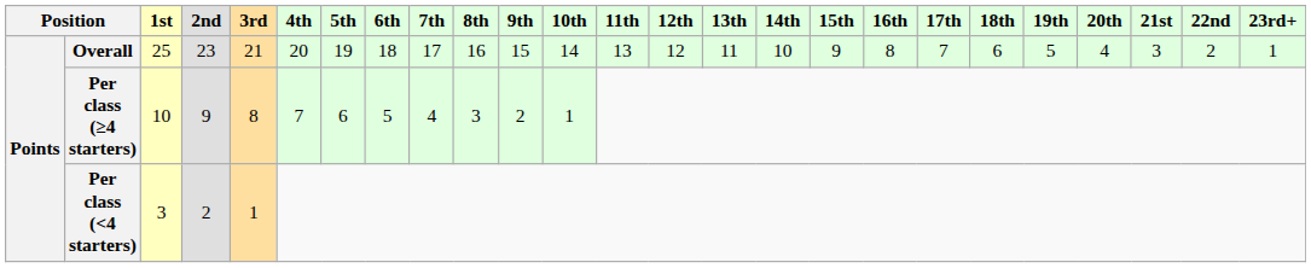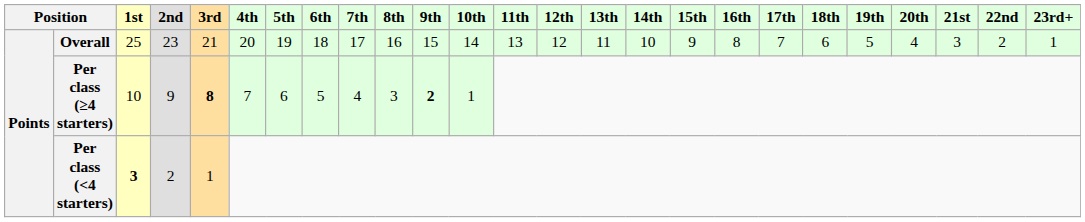 <table class="wikitable" style="font-size: 85%;">
 <tr>
 <th colspan=2>Position</th>
 <td style="background:#ffffbf;"> <strong>1st</strong> </td>
 <td style="background:#dfdfdf;"> <strong>2nd</strong> </td>
 <td style="background:#ffdf9f;"> <strong>3rd</strong> </td>
 <td style="background:#dfffdf;"> <strong>4th</strong> </td>
 <td style="background:#dfffdf;"> <strong>5th</strong> </td>
 <td style="background:#dfffdf;"> <strong>6th</strong> </td>
 <td style="background:#dfffdf;"> <strong>7th</strong> </td>
 <td style="background:#dfffdf;"> <strong>8th</strong> </td>
 <td style="background:#dfffdf;"> <strong>9th</strong> </td>
 <td style="background:#dfffdf;"> <strong>10th</strong> </td>
 <td style="background:#dfffdf;"> <strong>11th</strong> </td>
 <td style="background:#dfffdf;"> <strong>12th</strong> </td>
 <td style="background:#dfffdf;"> <strong>13th</strong> </td>
 <td style="background:#dfffdf;"> <strong>14th</strong> </td>
 <td style="background:#dfffdf;"> <strong>15th</strong> </td>
 <td style="background:#dfffdf;"> <strong>16th</strong> </td>
 <td style="background:#dfffdf;"> <strong>17th</strong> </td>
 <td style="background:#dfffdf;"> <strong>18th</strong> </td>
 <td style="background:#dfffdf;"> <strong>19th</strong> </td>
 <td style="background:#dfffdf;"> <strong>20th</strong> </td>
 <td style="background:#dfffdf;"> <strong>21st</strong> </td>
 <td style="background:#dfffdf;"> <strong>22nd</strong> </td>
 <td style="background:#dfffdf;"> <strong>23rd+</strong> </td>
 </tr>
 <tr align="center">
 <th rowspan=3>Points</th>
 <th>Overall</th>
 <td style="background:#ffffbf;">25</td>
 <td style="background:#dfdfdf;">23</td>
 <td style="background:#ffdf9f;">21</td>
 <td style="background:#dfffdf;">20</td>
 <td style="background:#dfffdf;">19</td>
 <td style="background:#dfffdf;">18</td>
 <td style="background:#dfffdf;">17</td>
 <td style="background:#dfffdf;">16</td>
 <td style="background:#dfffdf;">15</td>
 <td style="background:#dfffdf;">14</td>
 <td style="background:#dfffdf;">13</td>
 <td style="background:#dfffdf;">12</td>
 <td style="background:#dfffdf;">11</td>
 <td style="background:#dfffdf;">10</td>
 <td style="background:#dfffdf;">9</td>
 <td style="background:#dfffdf;">8</td>
 <td style="background:#dfffdf;">7</td>
 <td style="background:#dfffdf;">6</td>
 <td style="background:#dfffdf;">5</td>
 <td style="background:#dfffdf;">4</td>
 <td style="background:#dfffdf;">3</td>
 <td style="background:#dfffdf;">2</td>
 <td style="background:#dfffdf;">1</td>
 </tr>
 <tr align="center">
 <th>Per class (≥4 starters)</th>
 <td style="background:#ffffbf;">10</td>
 <td style="background:#dfdfdf;">9</td>
-<td style="background:#ffdf9f;">8</td>
+<td style="background:#ffdf9f;"><strong>8</strong></td>
 <td style="background:#dfffdf;">7</td>
 <td style="background:#dfffdf;">6</td>
 <td style="background:#dfffdf;">5</td>
 <td style="background:#dfffdf;">4</td>
 <td style="background:#dfffdf;">3</td>
-<td style="background:#dfffdf;">2</td>
+<td style="background:#dfffdf;"><strong>2</strong></td>
 <td style="background:#dfffdf;">1</td>
 <td colspan=13></td>
 </tr>
 <tr align="center">
 <th>Per class (<4 starters)</th>
-<td style="background:#ffffbf;">3</td>
+<td style="background:#ffffbf;"><strong>3</strong></td>
 <td style="background:#dfdfdf;">2</td>
 <td style="background:#ffdf9f;">1</td>
 <td colspan=20></td>
 </tr>
 </table>
